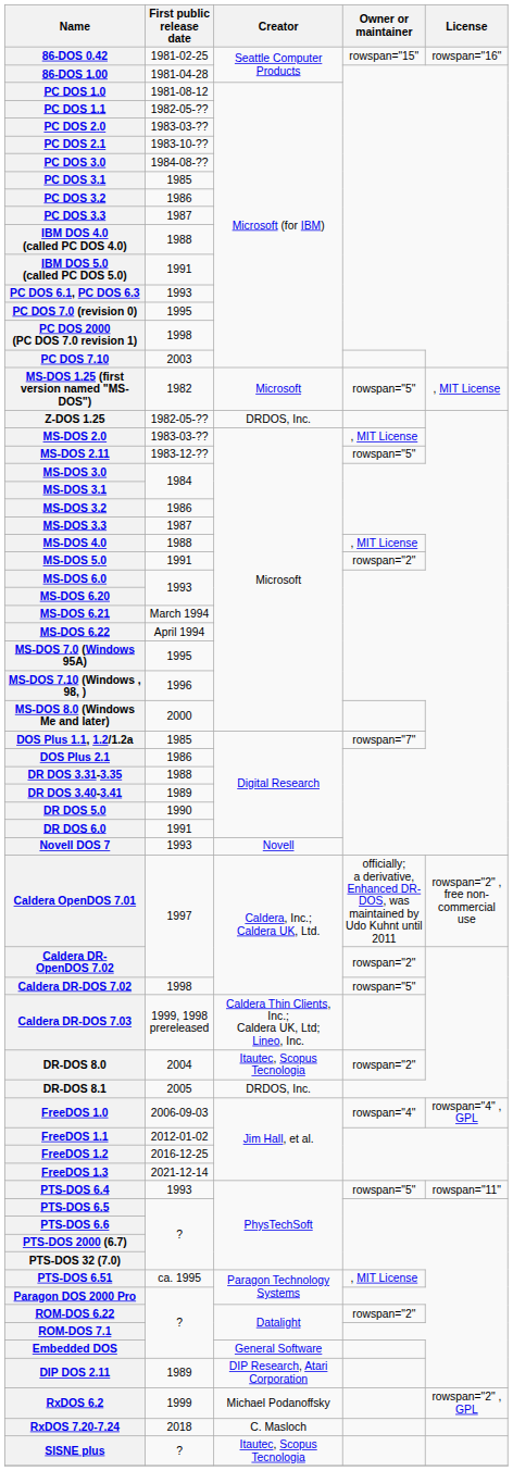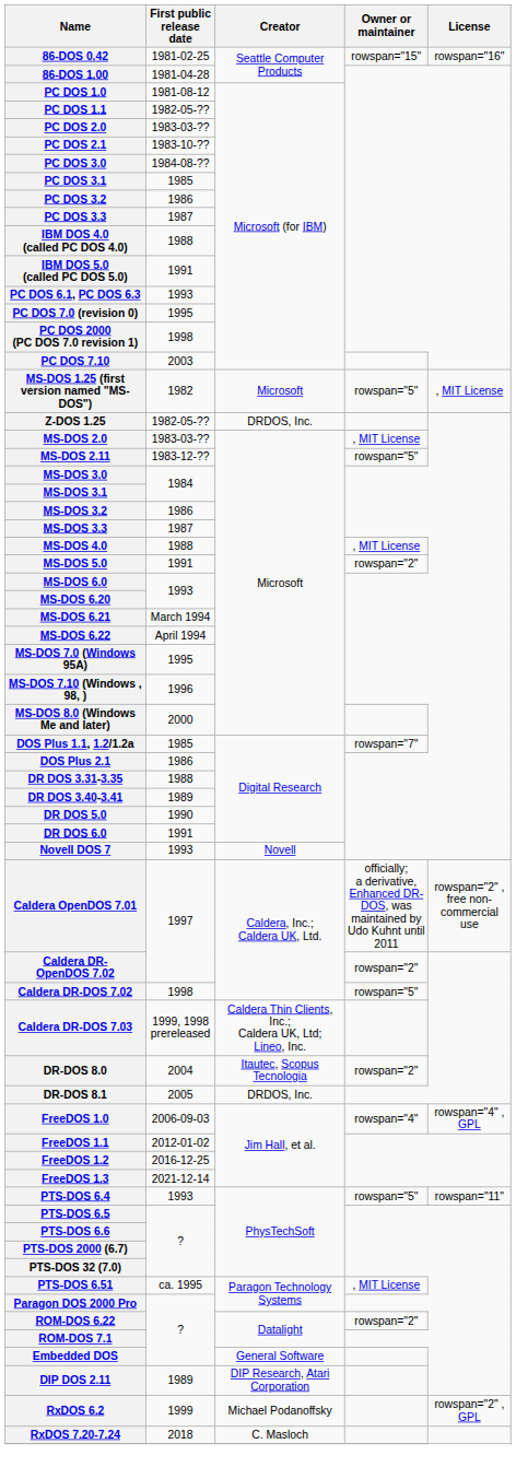 <table class="sortable wikitable" style="font-size: 85%; text-align: center; width: auto;">
 <tr>
 <th style="width: 12em">Name</th>
 <th>First public release date</th>
 <th style="width: 11em">Creator</th>
 <th>Owner or maintainer </th>
 <th>License</th>
 </tr>
 <tr>
 <th><a href='#'>86-DOS&nbsp;0.42</a></th>
 <td>1981-02-25</td>
 <td rowspan="2"><a href='#'>Seattle Computer Products</a></td>
 <td>rowspan="15" </td>
 <td>rowspan="16" </td>
 </tr>
 <tr>
 <th><a href='#'>86-DOS&nbsp;1.00</a></th>
 <td>1981-04-28</td>
 </tr>
 <tr>
 <th><a href='#'>PC&nbsp;DOS&nbsp;1.0</a></th>
 <td>1981-08-12</td>
 <td rowspan="14"><a href='#'>Microsoft</a> (for <a href='#'>IBM</a>)</td>
 </tr>
 <tr>
 <th><a href='#'>PC&nbsp;DOS&nbsp;1.1</a></th>
 <td>1982-05-??</td>
 </tr>
 <tr>
 <th><a href='#'>PC&nbsp;DOS&nbsp;2.0</a></th>
 <td>1983-03-??</td>
 </tr>
 <tr>
 <th><a href='#'>PC&nbsp;DOS&nbsp;2.1</a></th>
 <td>1983-10-??</td>
 </tr>
 <tr>
 <th><a href='#'>PC&nbsp;DOS&nbsp;3.0</a></th>
 <td>1984-08-??</td>
 </tr>
 <tr>
 <th><a href='#'>PC&nbsp;DOS&nbsp;3.1</a></th>
 <td>1985</td>
 </tr>
 <tr>
 <th><a href='#'>PC&nbsp;DOS&nbsp;3.2</a></th>
 <td>1986</td>
 </tr>
 <tr>
 <th><a href='#'>PC&nbsp;DOS&nbsp;3.3</a></th>
 <td>1987</td>
 </tr>
 <tr>
 <th><a href='#'>IBM&nbsp;DOS&nbsp;4.0</a><br>(called PC DOS 4.0)</th>
 <td>1988</td>
 </tr>
 <tr>
 <th><a href='#'>IBM&nbsp;DOS&nbsp;5.0</a><br>(called PC DOS 5.0)</th>
 <td>1991</td>
 </tr>
 <tr>
 <th><a href='#'>PC&nbsp;DOS&nbsp;6.1</a>, <a href='#'>PC&nbsp;DOS&nbsp;6.3</a></th>
 <td>1993</td>
 </tr>
 <tr>
 <th><a href='#'>PC&nbsp;DOS&nbsp;7.0</a> (revision 0)</th>
 <td>1995</td>
 </tr>
 <tr>
 <th><a href='#'>PC&nbsp;DOS&nbsp;2000</a><br>(PC DOS 7.0 revision 1)</th>
 <td>1998</td>
 </tr>
 <tr>
 <th><a href='#'>PC&nbsp;DOS&nbsp;7.10</a></th>
 <td>2003</td>
 <td></td>
 </tr>
 <tr>
 <th><a href='#'>MS-DOS&nbsp;1.25</a> (first version named "MS-DOS")</th>
 <td>1982</td>
 <td><a href='#'>Microsoft</a></td>
 <td>rowspan="5" </td>
 <td>, <a href='#'>MIT License</a></td>
 </tr>
 <tr>
 <th>Z-DOS 1.25</th>
 <td>1982-05-??</td>
 <td>DRDOS, Inc.</td>
 <td></td>
 </tr>
 <tr>
 <th><a href='#'>MS-DOS&nbsp;2.0</a></th>
 <td>1983-03-??</td>
 <td rowspan="15">Microsoft</td>
 <td>, <a href='#'>MIT License</a></td>
 </tr>
 <tr>
 <th><a href='#'>MS-DOS&nbsp;2.11</a></th>
 <td>1983-12-??</td>
 <td>rowspan="5" </td>
 </tr>
 <tr>
 <th><a href='#'>MS-DOS&nbsp;3.0</a></th>
 <td rowspan="2">1984</td>
 </tr>
 <tr>
 <th><a href='#'>MS-DOS&nbsp;3.1</a></th>
 </tr>
 <tr>
 <th><a href='#'>MS-DOS&nbsp;3.2</a></th>
 <td>1986</td>
 </tr>
 <tr>
 <th><a href='#'>MS-DOS&nbsp;3.3</a></th>
 <td>1987</td>
 </tr>
 <tr>
 <th><a href='#'>MS-DOS&nbsp;4.0</a></th>
 <td>1988</td>
 <td>, <a href='#'>MIT License</a></td>
 </tr>
 <tr>
 <th><a href='#'>MS-DOS&nbsp;5.0</a></th>
 <td>1991</td>
 <td>rowspan="2" </td>
 </tr>
 <tr>
 <th><a href='#'>MS-DOS&nbsp;6.0</a></th>
 <td rowspan="2">1993</td>
 </tr>
 <tr>
 <th><a href='#'>MS-DOS&nbsp;6.20</a></th>
 </tr>
 <tr>
 <th><a href='#'>MS-DOS&nbsp;6.21</a></th>
 <td>March 1994</td>
 </tr>
 <tr>
 <th><a href='#'>MS-DOS&nbsp;6.22</a></th>
 <td>April 1994</td>
 </tr>
 <tr>
 <th><a href='#'>MS-DOS&nbsp;7.0</a> (<a href='#'>Windows</a> 95A)</th>
 <td>1995</td>
 </tr>
 <tr>
 <th><a href='#'>MS-DOS&nbsp;7.10</a> (Windows , 98, )</th>
 <td>1996</td>
 </tr>
 <tr>
 <th><a href='#'>MS-DOS&nbsp;8.0</a> (Windows Me and later)</th>
 <td>2000</td>
 <td></td>
 </tr>
 <tr>
 <th><a href='#'>DOS&nbsp;Plus&nbsp;1.1</a>, <a href='#'>1.2</a>/1.2a</th>
 <td>1985</td>
 <td rowspan="6"><a href='#'>Digital Research</a></td>
 <td>rowspan="7" </td>
 </tr>
 <tr>
 <th><a href='#'>DOS&nbsp;Plus&nbsp;2.1</a></th>
 <td>1986</td>
 </tr>
 <tr>
 <th><a href='#'>DR&nbsp;DOS&nbsp;3.31</a>-<a href='#'>3.35</a></th>
 <td>1988</td>
 </tr>
 <tr>
 <th><a href='#'>DR&nbsp;DOS&nbsp;3.40</a>-<a href='#'>3.41</a></th>
 <td>1989</td>
 </tr>
 <tr>
 <th><a href='#'>DR&nbsp;DOS&nbsp;5.0</a></th>
 <td>1990</td>
 </tr>
 <tr>
 <th><a href='#'>DR&nbsp;DOS&nbsp;6.0</a></th>
 <td>1991</td>
 </tr>
 <tr>
 <th><a href='#'>Novell&nbsp;DOS&nbsp;7</a></th>
 <td>1993</td>
 <td><a href='#'>Novell</a></td>
 </tr>
 <tr>
 <th><a href='#'>Caldera&nbsp;OpenDOS&nbsp;7.01</a></th>
 <td rowspan="2">1997</td>
 <td rowspan="3"><a href='#'>Caldera</a>, Inc.;<br><a href='#'>Caldera UK</a>, Ltd.</td>
 <td> officially;<br>a derivative, <a href='#'>Enhanced DR-DOS</a>, was<br>maintained by Udo Kuhnt until 2011</td>
 <td>rowspan="2" , free non-commercial use</td>
 </tr>
 <tr>
 <th><a href='#'>Caldera&nbsp;DR-OpenDOS&nbsp;7.02</a></th>
 <td>rowspan="2" </td>
 </tr>
 <tr>
 <th><a href='#'>Caldera&nbsp;DR-DOS&nbsp;7.02</a></th>
 <td>1998</td>
 <td>rowspan="5" </td>
 </tr>
 <tr>
 <th><a href='#'>Caldera&nbsp;DR-DOS&nbsp;7.03</a></th>
 <td>1999, 1998 prereleased</td>
 <td><a href='#'>Caldera Thin Clients</a>, Inc.;<br>Caldera UK, Ltd;<br><a href='#'>Lineo</a>, Inc.</td>
 <td></td>
 </tr>
 <tr>
 <th>DR-DOS 8.0</th>
 <td>2004</td>
 <td><a href='#'>Itautec</a>, <a href='#'>Scopus Tecnologia</a></td>
 <td>rowspan="2" </td>
 </tr>
 <tr>
 <th>DR-DOS 8.1</th>
 <td>2005</td>
 <td>DRDOS, Inc.</td>
 </tr>
 <tr>
 <th><a href='#'>FreeDOS&nbsp;1.0</a></th>
 <td>2006-09-03</td>
 <td rowspan="4"><a href='#'>Jim Hall</a>, et al.</td>
 <td>rowspan="4" </td>
 <td>rowspan="4" , <a href='#'>GPL</a></td>
 </tr>
 <tr>
 <th><a href='#'>FreeDOS&nbsp;1.1</a></th>
 <td>2012-01-02</td>
 </tr>
 <tr>
 <th><a href='#'>FreeDOS&nbsp;1.2</a></th>
 <td>2016-12-25</td>
 </tr>
 <tr>
 <th><a href='#'>FreeDOS&nbsp;1.3</a></th>
 <td>2021-12-14</td>
 </tr>
 <tr>
 <th><a href='#'>PTS-DOS&nbsp;6.4</a></th>
 <td>1993</td>
 <td rowspan="5"><a href='#'>PhysTechSoft</a></td>
 <td>rowspan="5" </td>
 <td>rowspan="11" </td>
 </tr>
 <tr>
 <th><a href='#'>PTS-DOS&nbsp;6.5</a></th>
 <td rowspan="4">?</td>
 </tr>
 <tr>
 <th><a href='#'>PTS-DOS&nbsp;6.6</a></th>
 </tr>
 <tr>
 <th><a href='#'>PTS-DOS&nbsp;2000</a> (6.7)</th>
 </tr>
 <tr>
 <th>PTS-DOS 32 (7.0)</th>
 </tr>
 <tr>
 <th><a href='#'>PTS-DOS&nbsp;6.51</a></th>
 <td>ca. 1995</td>
 <td rowspan="2"><a href='#'>Paragon Technology Systems</a></td>
 <td>, <a href='#'>MIT License</a></td>
 </tr>
 <tr>
 <th><a href='#'>Paragon DOS 2000 Pro</a></th>
 <td rowspan="4">?</td>
 </tr>
 <tr>
 <th><a href='#'>ROM-DOS&nbsp;6.22</a></th>
 <td rowspan="2"><a href='#'>Datalight</a></td>
 <td>rowspan="2" </td>
 </tr>
 <tr>
 <th><a href='#'>ROM-DOS&nbsp;7.1</a></th>
 </tr>
 <tr>
 <th><a href='#'>Embedded DOS</a></th>
 <td><a href='#'>General Software</a></td>
 <td></td>
 </tr>
 <tr>
 <th><a href='#'>DIP&nbsp;DOS&nbsp;2.11</a></th>
 <td>1989</td>
 <td><a href='#'>DIP Research</a>, <a href='#'>Atari Corporation</a></td>
 <td></td>
 </tr>
 <tr>
 <th><a href='#'>RxDOS 6.2</a></th>
 <td>1999</td>
 <td>Michael Podanoffsky</td>
 <td></td>
 <td>rowspan="2" , <a href='#'>GPL</a></td>
 </tr>
 <tr>
 <th><a href='#'>RxDOS 7.20-7.24</a></th>
 <td>2018</td>
 <td>C. Masloch</td>
 <td></td>
 </tr>
 <tr>
-<th><a href='#'>SISNE plus</a></th>
-<td>?</td>
-<td><a href='#'>Itautec</a>, <a href='#'>Scopus Tecnologia</a></td>
-<td></td>
-<td></td>
-</tr>
-<tr>
 </tr>
 </table>
